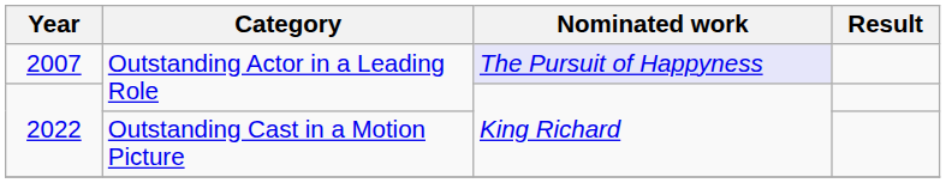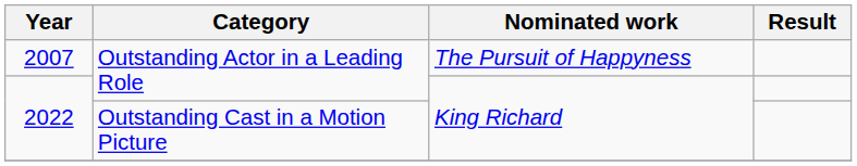 <table class=wikitable>
 <tr>
 <th scope="col" style="width:5em;">Year</th>
 <th scope="col" style="width:26em;">Category</th>
 <th scope="col" style="width:25em;">Nominated work</th>
 <th scope="col" style="width:5em;">Result</th>
 </tr>
 <tr>
 <td style="text-align:center;"><a href='#'>2007</a></td>
 <td rowspan=2><a href='#'>Outstanding Actor in a Leading Role</a></td>
-<td style="background: lavender;"><em><a href='#'>The Pursuit of Happyness</a></em></td>
+<td><em><a href='#'>The Pursuit of Happyness</a></em></td>
 <td></td>
 </tr>
 <tr>
 <td style="text-align:center;", rowspan="2"><a href='#'>2022</a></td>
 <td rowspan="2"><em><a href='#'>King Richard</a></em></td>
 <td></td>
 </tr>
 <tr>
 <td><a href='#'>Outstanding Cast in a Motion Picture</a></td>
 <td></td>
 </tr>
 <tr>
 </tr>
 </table>
